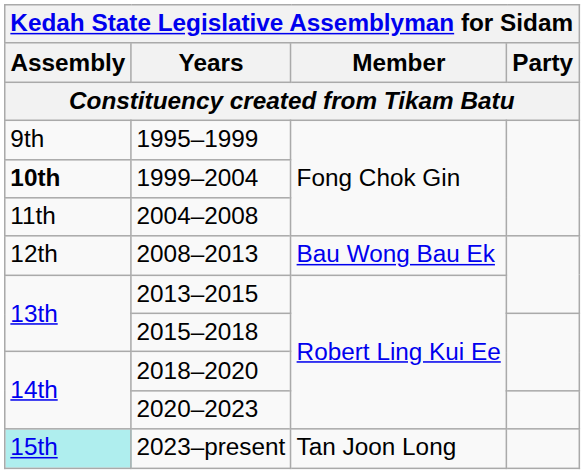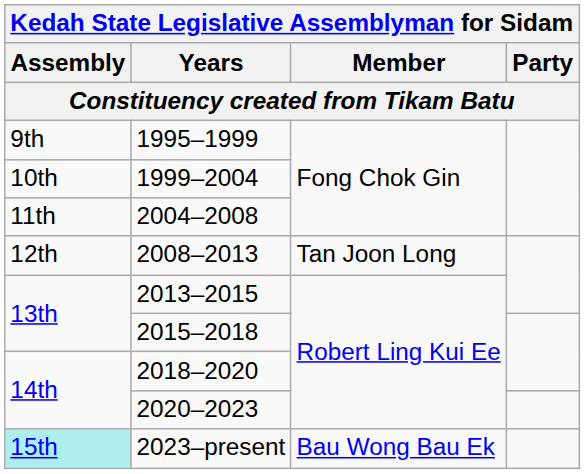 <table class="wikitable">
 <tr>
 <th colspan="4"><a href='#'>Kedah State Legislative Assemblyman</a> for Sidam</th>
 </tr>
 <tr>
 <th>Assembly</th>
 <th>Years</th>
 <th>Member</th>
 <th>Party</th>
 </tr>
 <tr>
 <th colspan="4" align="center"><em>Constituency created from Tikam Batu</em></th>
 </tr>
 <tr>
 <td>9th</td>
 <td>1995–1999</td>
 <td rowspan="3">Fong Chok Gin</td>
 <td rowspan="3"></td>
 </tr>
 <tr>
-<td><strong>10th</strong></td>
+<td>10th</td>
 <td>1999–2004</td>
 </tr>
 <tr>
 <td>11th</td>
 <td>2004–2008</td>
 </tr>
 <tr>
 <td>12th</td>
 <td>2008–2013</td>
-<td><a href='#'>Bau Wong Bau Ek</a></td>
+<td>Tan Joon Long</td>
 <td rowspan="2"></td>
 </tr>
 <tr>
 <td rowspan=2><a href='#'>13th</a></td>
 <td>2013–2015</td>
 <td rowspan=4><a href='#'>Robert Ling Kui Ee</a></td>
 </tr>
 <tr>
 <td>2015–2018</td>
 <td rowspan=2></td>
 </tr>
 <tr>
 <td rowspan="2"><a href='#'>14th</a></td>
 <td>2018–2020</td>
 </tr>
 <tr>
 <td>2020–2023</td>
 <td></td>
 </tr>
 <tr>
 <td style="background: paleturquoise;"><a href='#'>15th</a></td>
 <td>2023–present</td>
-<td>Tan Joon Long</td>
+<td><a href='#'>Bau Wong Bau Ek</a></td>
 <td></td>
 </tr>
 </table>
